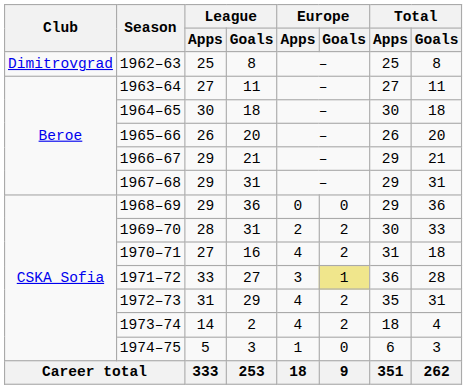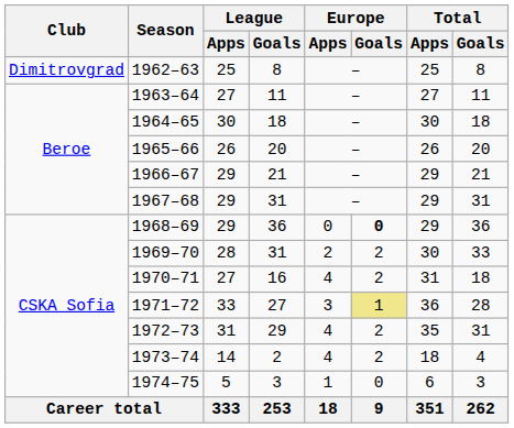 <table class="wikitable" style="text-align:center">
 <tr>
 <th rowspan="2">Club</th>
 <th rowspan="2">Season</th>
 <th colspan="2">League</th>
 <th colspan="2">Europe</th>
 <th colspan="2">Total</th>
 </tr>
 <tr>
 <th>Apps</th>
 <th>Goals</th>
 <th>Apps</th>
 <th>Goals</th>
 <th>Apps</th>
 <th>Goals</th>
 </tr>
 <tr>
 <td><a href='#'>Dimitrovgrad</a></td>
 <td>1962–63</td>
 <td>25</td>
 <td>8</td>
 <td colspan="2">–</td>
 <td>25</td>
 <td>8</td>
 </tr>
 <tr>
 <td rowspan="5"><a href='#'>Beroe</a></td>
 <td>1963–64</td>
 <td>27</td>
 <td>11</td>
 <td colspan="2">–</td>
 <td>27</td>
 <td>11</td>
 </tr>
 <tr>
 <td>1964–65</td>
 <td>30</td>
 <td>18</td>
 <td colspan="2">–</td>
 <td>30</td>
 <td>18</td>
 </tr>
 <tr>
 <td>1965–66</td>
 <td>26</td>
 <td>20</td>
 <td colspan="2">–</td>
 <td>26</td>
 <td>20</td>
 </tr>
 <tr>
 <td>1966–67</td>
 <td>29</td>
 <td>21</td>
 <td colspan="2">–</td>
 <td>29</td>
 <td>21</td>
 </tr>
 <tr>
 <td>1967–68</td>
 <td>29</td>
 <td>31</td>
 <td colspan="2">–</td>
 <td>29</td>
 <td>31</td>
 </tr>
 <tr>
 <td rowspan="7"><a href='#'>CSKA Sofia</a></td>
 <td>1968–69</td>
 <td>29</td>
 <td>36</td>
 <td>0</td>
-<td>0</td>
+<td><strong>0</strong></td>
 <td>29</td>
 <td>36</td>
 </tr>
 <tr>
 <td>1969–70</td>
 <td>28</td>
 <td>31</td>
 <td>2</td>
 <td>2</td>
 <td>30</td>
 <td>33</td>
 </tr>
 <tr>
 <td>1970–71</td>
 <td>27</td>
 <td>16</td>
 <td>4</td>
 <td>2</td>
 <td>31</td>
 <td>18</td>
 </tr>
 <tr>
 <td>1971–72</td>
 <td>33</td>
 <td>27</td>
 <td>3</td>
 <td style="background: khaki;">1</td>
 <td>36</td>
 <td>28</td>
 </tr>
 <tr>
 <td>1972–73</td>
 <td>31</td>
 <td>29</td>
 <td>4</td>
 <td>2</td>
 <td>35</td>
 <td>31</td>
 </tr>
 <tr>
 <td>1973–74</td>
 <td>14</td>
 <td>2</td>
 <td>4</td>
 <td>2</td>
 <td>18</td>
 <td>4</td>
 </tr>
 <tr>
 <td>1974–75</td>
 <td>5</td>
 <td>3</td>
 <td>1</td>
 <td>0</td>
 <td>6</td>
 <td>3</td>
 </tr>
 <tr>
 <th colspan="2">Career total</th>
 <th>333</th>
 <th>253</th>
 <th>18</th>
 <th>9</th>
 <th>351</th>
 <th>262</th>
 </tr>
 </table>
